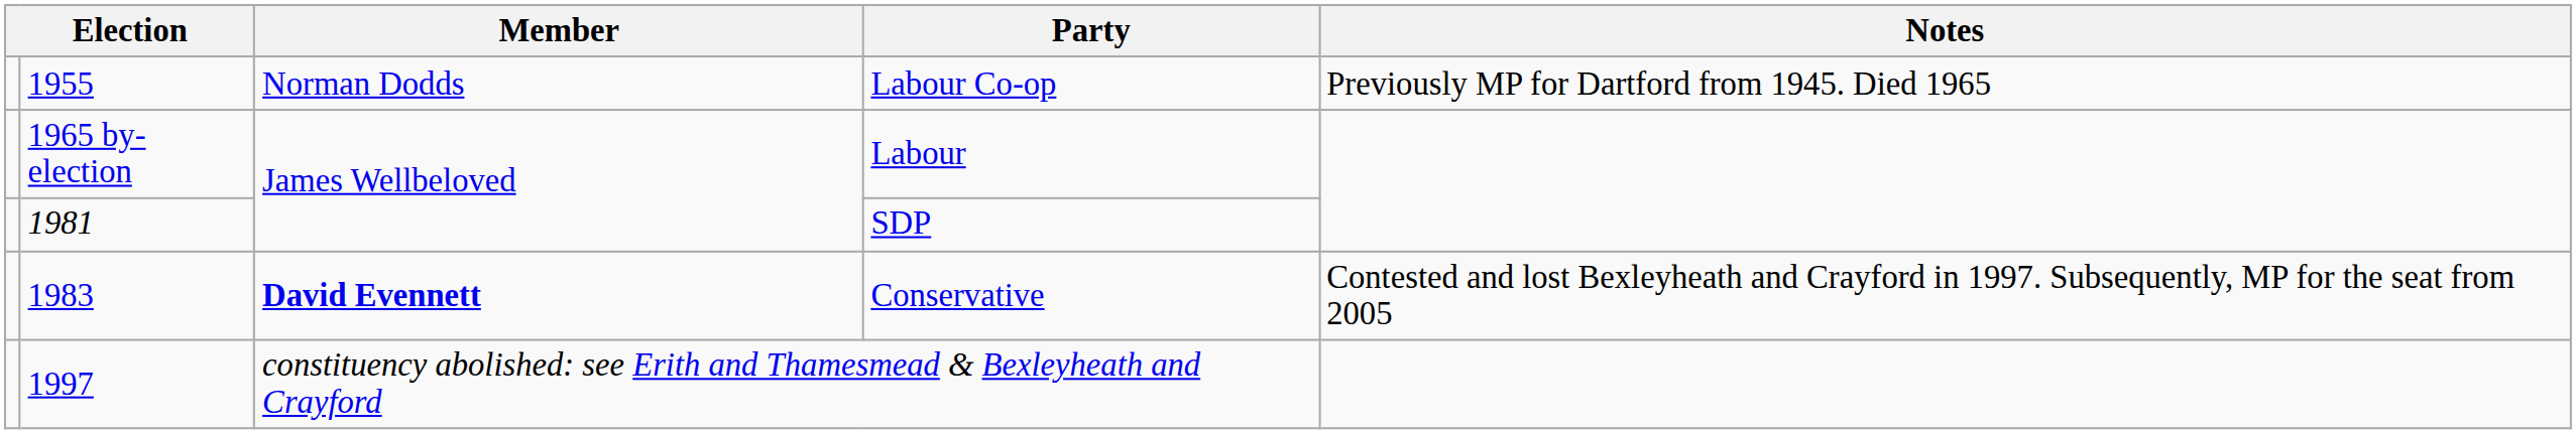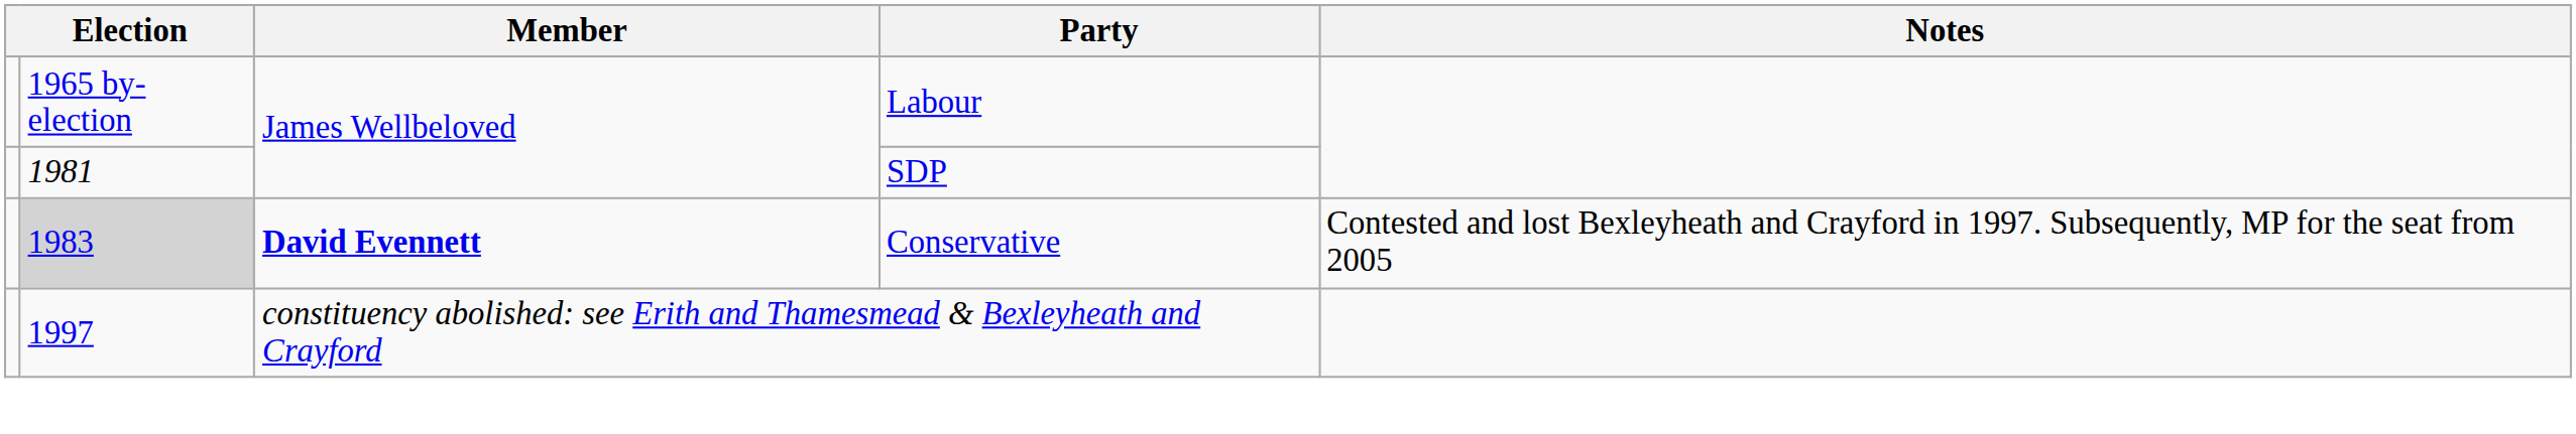 <table class="wikitable">
 <tr>
 <th colspan="2">Election</th>
 <th>Member</th>
 <th>Party</th>
 <th>Notes</th>
-</tr>
-<tr>
-<td style="color:inherit;background-color: "></td>
-<td><a href='#'>1955</a></td>
-<td><a href='#'>Norman Dodds</a></td>
-<td><a href='#'>Labour Co-op</a></td>
-<td>Previously MP for Dartford from 1945. Died 1965</td>
 </tr>
 <tr>
 <td style="color:inherit;background-color: "></td>
 <td><a href='#'>1965 by-election</a></td>
 <td rowspan="2"><a href='#'>James Wellbeloved</a></td>
 <td><a href='#'>Labour</a></td>
 </tr>
 <tr>
 <td style="color:inherit;background-color: "></td>
 <td><em>1981</em></td>
 <td><a href='#'>SDP</a></td>
 </tr>
 <tr>
 <td style="color:inherit;background-color: "></td>
-<td><a href='#'>1983</a></td>
+<td style="background: lightgrey;"><a href='#'>1983</a></td>
 <td><strong><a href='#'>David Evennett</a></strong></td>
 <td><a href='#'>Conservative</a></td>
 <td>Contested and lost Bexleyheath and Crayford in 1997. Subsequently, MP for the seat from 2005</td>
 </tr>
 <tr>
 <td></td>
 <td><a href='#'>1997</a></td>
 <td colspan="2"><em>constituency abolished: see <a href='#'>Erith and Thamesmead</a> & <a href='#'>Bexleyheath and Crayford</a></em></td>
 </tr>
 </table>
